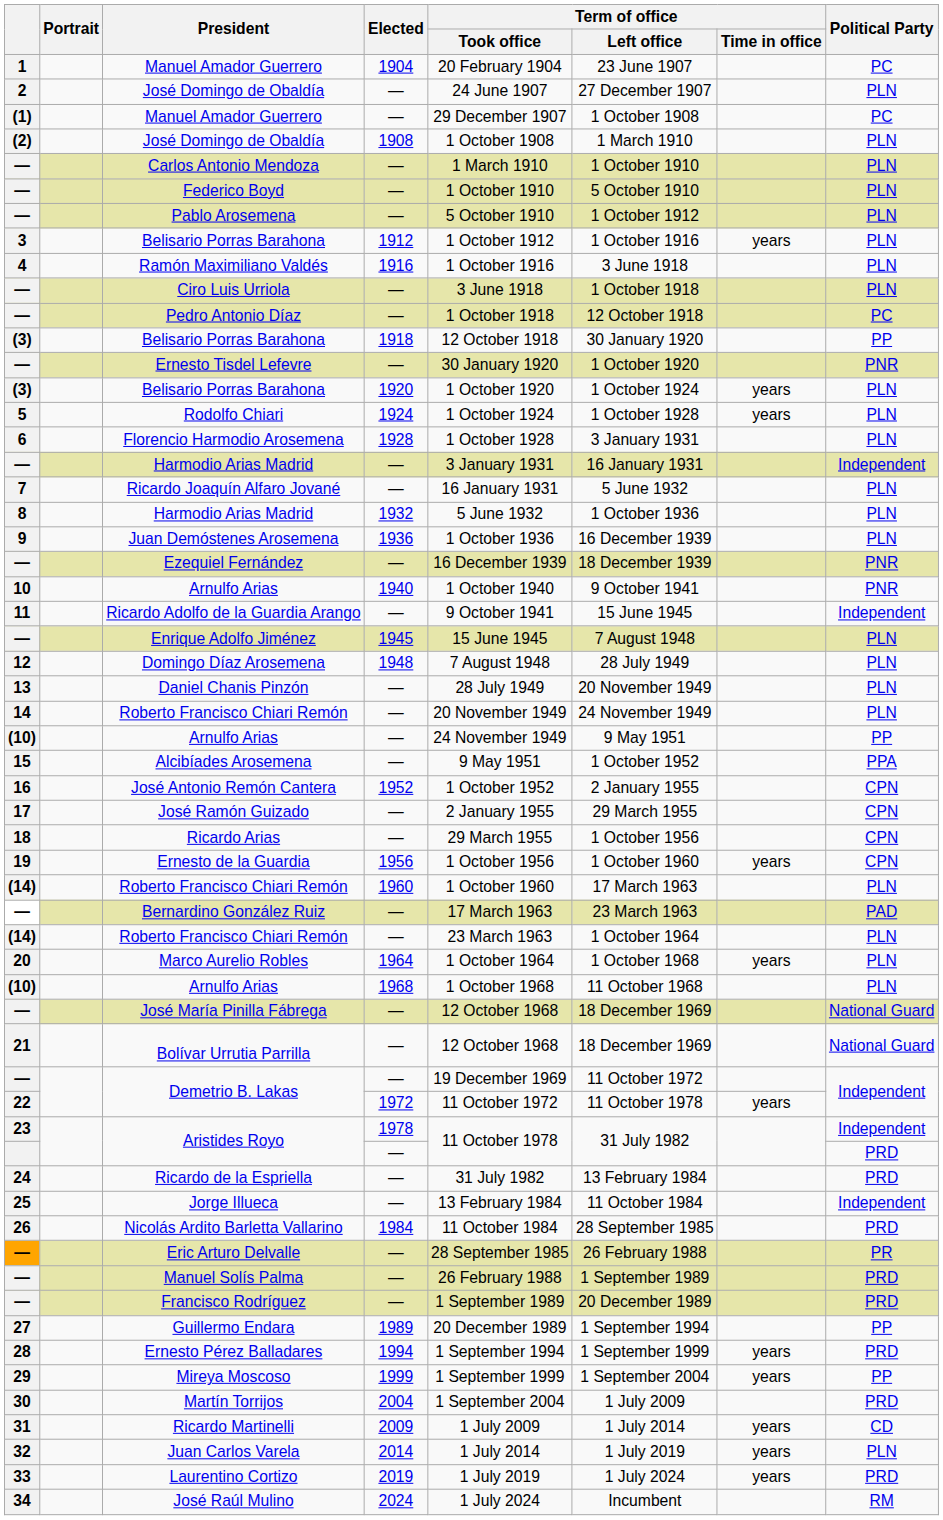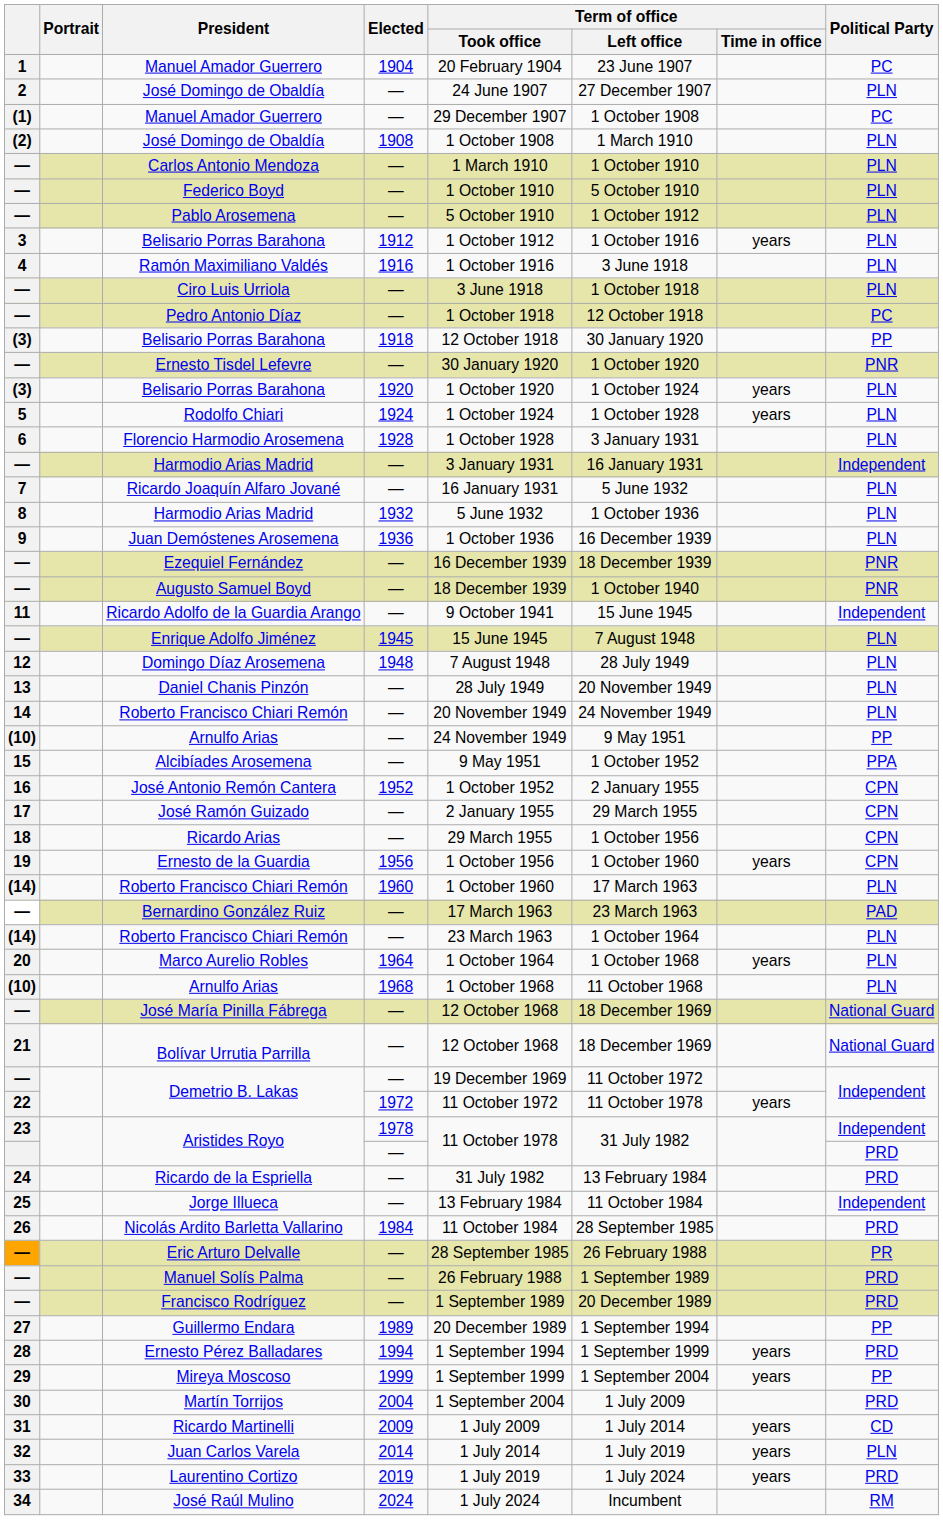 <table class="wikitable" style="text-align:center">
 <tr>
 <th rowspan="2"></th>
 <th rowspan="2">Portrait</th>
 <th rowspan="2">President<br></th>
 <th rowspan="2">Elected</th>
 <th colspan="3">Term of office</th>
 <th rowspan="2">Political Party</th>
 </tr>
 <tr>
 <th>Took office</th>
 <th>Left office</th>
 <th>Time in office</th>
 </tr>
 <tr>
 <th style="background:">1</th>
 <td></td>
 <td><a href='#'>Manuel Amador Guerrero</a><br></td>
 <td><a href='#'>1904</a></td>
 <td>20 February 1904</td>
 <td>23 June 1907</td>
 <td></td>
 <td><a href='#'>PC</a></td>
 </tr>
 <tr>
 <th style="background:">2</th>
 <td></td>
 <td><a href='#'>José Domingo de Obaldía</a><br></td>
 <td>—</td>
 <td>24 June 1907</td>
 <td>27 December 1907</td>
 <td></td>
 <td><a href='#'>PLN</a></td>
 </tr>
 <tr>
 <th style="background:">(1)</th>
 <td></td>
 <td><a href='#'>Manuel Amador Guerrero</a><br></td>
 <td>—</td>
 <td>29 December 1907</td>
 <td>1 October 1908</td>
 <td></td>
 <td><a href='#'>PC</a></td>
 </tr>
 <tr>
 <th style="background:">(2)</th>
 <td></td>
 <td><a href='#'>José Domingo de Obaldía</a><br></td>
 <td><a href='#'>1908</a></td>
 <td>1 October 1908</td>
 <td>1 March 1910</td>
 <td></td>
 <td><a href='#'>PLN</a></td>
 </tr>
 <tr style="background:#e6e6aa;">
 <th style="background:">—</th>
 <td></td>
 <td><a href='#'>Carlos Antonio Mendoza</a><br></td>
 <td>—</td>
 <td>1 March 1910</td>
 <td>1 October 1910</td>
 <td></td>
 <td><a href='#'>PLN</a></td>
 </tr>
 <tr style="background:#e6e6aa;">
 <th style="background:">—</th>
 <td></td>
 <td><a href='#'>Federico Boyd</a><br></td>
 <td>—</td>
 <td>1 October 1910</td>
 <td>5 October 1910</td>
 <td></td>
 <td><a href='#'>PLN</a></td>
 </tr>
 <tr style="background:#e6e6aa;">
 <th style="background:">—</th>
 <td></td>
 <td><a href='#'>Pablo Arosemena</a><br></td>
 <td>—</td>
 <td>5 October 1910</td>
 <td>1 October 1912</td>
 <td></td>
 <td><a href='#'>PLN</a></td>
 </tr>
 <tr>
 <th style="background:">3</th>
 <td></td>
 <td><a href='#'>Belisario Porras Barahona</a><br></td>
 <td><a href='#'>1912</a></td>
 <td>1 October 1912</td>
 <td>1 October 1916</td>
 <td> years</td>
 <td><a href='#'>PLN</a></td>
 </tr>
 <tr>
 <th style="background:">4</th>
 <td></td>
 <td><a href='#'>Ramón Maximiliano Valdés</a><br></td>
 <td><a href='#'>1916</a></td>
 <td>1 October 1916</td>
 <td>3 June 1918</td>
 <td></td>
 <td><a href='#'>PLN</a></td>
 </tr>
 <tr style="background:#e6e6aa;">
 <th style="background:">—</th>
 <td></td>
 <td><a href='#'>Ciro Luis Urriola</a><br></td>
 <td>—</td>
 <td>3 June 1918</td>
 <td>1 October 1918</td>
 <td></td>
 <td><a href='#'>PLN</a></td>
 </tr>
 <tr style="background:#e6e6aa;">
 <th style="background:">—</th>
 <td></td>
 <td><a href='#'>Pedro Antonio Díaz</a><br></td>
 <td>—</td>
 <td>1 October 1918</td>
 <td>12 October 1918</td>
 <td></td>
 <td><a href='#'>PC</a></td>
 </tr>
 <tr>
 <th style="background:">(3)</th>
 <td></td>
 <td><a href='#'>Belisario Porras Barahona</a><br></td>
 <td><a href='#'>1918</a></td>
 <td>12 October 1918</td>
 <td>30 January 1920</td>
 <td></td>
 <td><a href='#'>PP</a></td>
 </tr>
 <tr style="background:#e6e6aa;">
 <th style="background:">—</th>
 <td></td>
 <td><a href='#'>Ernesto Tisdel Lefevre</a><br></td>
 <td>—</td>
 <td>30 January 1920</td>
 <td>1 October 1920</td>
 <td></td>
 <td><a href='#'>PNR</a></td>
 </tr>
 <tr>
 <th style="background:">(3)</th>
 <td></td>
 <td><a href='#'>Belisario Porras Barahona</a><br></td>
 <td><a href='#'>1920</a></td>
 <td>1 October 1920</td>
 <td>1 October 1924</td>
 <td> years</td>
 <td><a href='#'>PLN</a></td>
 </tr>
 <tr>
 <th style="background:">5</th>
 <td></td>
 <td><a href='#'>Rodolfo Chiari</a><br></td>
 <td><a href='#'>1924</a></td>
 <td>1 October 1924</td>
 <td>1 October 1928</td>
 <td> years</td>
 <td><a href='#'>PLN</a></td>
 </tr>
 <tr>
 <th style="background:">6</th>
 <td></td>
 <td><a href='#'>Florencio Harmodio Arosemena</a><br></td>
 <td><a href='#'>1928</a></td>
 <td>1 October 1928</td>
 <td>3 January 1931<br></td>
 <td></td>
 <td><a href='#'>PLN</a></td>
 </tr>
 <tr style="background:#e6e6aa;">
 <th style="background:">—</th>
 <td></td>
 <td><a href='#'>Harmodio Arias Madrid</a><br></td>
 <td>—</td>
 <td>3 January 1931</td>
 <td>16 January 1931</td>
 <td></td>
 <td><a href='#'>Independent</a></td>
 </tr>
 <tr>
 <th style="background:">7</th>
 <td></td>
 <td><a href='#'>Ricardo Joaquín Alfaro Jované</a><br></td>
 <td>—</td>
 <td>16 January 1931</td>
 <td>5 June 1932</td>
 <td></td>
 <td><a href='#'>PLN</a></td>
 </tr>
 <tr>
 <th style="background:">8</th>
 <td></td>
 <td><a href='#'>Harmodio Arias Madrid</a><br></td>
 <td><a href='#'>1932</a></td>
 <td>5 June 1932</td>
 <td>1 October 1936</td>
 <td></td>
 <td><a href='#'>PLN</a></td>
 </tr>
 <tr>
 <th style="background:">9</th>
 <td></td>
 <td><a href='#'>Juan Demóstenes Arosemena</a><br></td>
 <td><a href='#'>1936</a></td>
 <td>1 October 1936</td>
 <td>16 December 1939</td>
 <td></td>
 <td><a href='#'>PLN</a></td>
 </tr>
 <tr style="background:#e6e6aa;">
 <th style="background:">—</th>
 <td></td>
 <td><a href='#'>Ezequiel Fernández</a><br></td>
 <td>—</td>
 <td>16 December 1939</td>
 <td>18 December 1939</td>
 <td></td>
 <td><a href='#'>PNR</a></td>
 </tr>
-<tr>
-<th style="background:">10</th>
+<tr style="background:#e6e6aa;">
+<th style="background:">—</th>
 <td></td>
-<td><a href='#'>Arnulfo Arias</a><br></td>
-<td><a href='#'>1940</a></td>
+<td><a href='#'>Augusto Samuel Boyd</a><br></td>
+<td>—</td>
+<td>18 December 1939</td>
 <td>1 October 1940</td>
-<td>9 October 1941<br></td>
 <td></td>
 <td><a href='#'>PNR</a></td>
 </tr>
 <tr>
 <th style="background:">11</th>
 <td></td>
 <td><a href='#'>Ricardo Adolfo de la Guardia Arango</a><br></td>
 <td>—</td>
 <td>9 October 1941</td>
 <td>15 June 1945</td>
 <td></td>
 <td><a href='#'>Independent</a></td>
 </tr>
 <tr style="background:#e6e6aa;">
 <th style="background:">—</th>
 <td></td>
 <td><a href='#'>Enrique Adolfo Jiménez</a><br></td>
 <td><a href='#'>1945</a></td>
 <td>15 June 1945</td>
 <td>7 August 1948</td>
 <td></td>
 <td><a href='#'>PLN</a></td>
 </tr>
 <tr>
 <th style="background:">12</th>
 <td></td>
 <td><a href='#'>Domingo Díaz Arosemena</a><br></td>
 <td><a href='#'>1948</a></td>
 <td>7 August 1948</td>
 <td>28 July 1949<br></td>
 <td></td>
 <td><a href='#'>PLN</a></td>
 </tr>
 <tr>
 <th style="background:">13</th>
 <td></td>
 <td><a href='#'>Daniel Chanis Pinzón</a><br></td>
 <td>—</td>
 <td>28 July 1949</td>
 <td>20 November 1949</td>
 <td></td>
 <td><a href='#'>PLN</a></td>
 </tr>
 <tr>
 <th style="background:">14</th>
 <td></td>
 <td><a href='#'>Roberto Francisco Chiari Remón</a><br></td>
 <td>—</td>
 <td>20 November 1949</td>
 <td>24 November 1949</td>
 <td></td>
 <td><a href='#'>PLN</a></td>
 </tr>
 <tr>
 <th style="background:">(10)</th>
 <td></td>
 <td><a href='#'>Arnulfo Arias</a><br></td>
 <td>—</td>
 <td>24 November 1949</td>
 <td>9 May 1951</td>
 <td></td>
 <td><a href='#'>PP</a></td>
 </tr>
 <tr>
 <th style="background:">15</th>
 <td></td>
 <td><a href='#'>Alcibíades Arosemena</a><br></td>
 <td>—</td>
 <td>9 May 1951</td>
 <td>1 October 1952</td>
 <td></td>
 <td><a href='#'>PPA</a></td>
 </tr>
 <tr>
 <th style="background:">16</th>
 <td></td>
 <td><a href='#'>José Antonio Remón Cantera</a><br></td>
 <td><a href='#'>1952</a></td>
 <td>1 October 1952</td>
 <td>2 January 1955<br></td>
 <td></td>
 <td><a href='#'>CPN</a></td>
 </tr>
 <tr>
 <th style="background:">17</th>
 <td></td>
 <td><a href='#'>José Ramón Guizado</a><br></td>
 <td>—</td>
 <td>2 January 1955</td>
 <td>29 March 1955</td>
 <td></td>
 <td><a href='#'>CPN</a></td>
 </tr>
 <tr>
 <th style="background:">18</th>
 <td></td>
 <td><a href='#'>Ricardo Arias</a><br></td>
 <td>—</td>
 <td>29 March 1955</td>
 <td>1 October 1956</td>
 <td></td>
 <td><a href='#'>CPN</a></td>
 </tr>
 <tr>
 <th style="background:">19</th>
 <td></td>
 <td><a href='#'>Ernesto de la Guardia</a><br></td>
 <td><a href='#'>1956</a></td>
 <td>1 October 1956</td>
 <td>1 October 1960</td>
 <td> years</td>
 <td><a href='#'>CPN</a></td>
 </tr>
 <tr>
 <th style="background:">(14)</th>
 <td></td>
 <td><a href='#'>Roberto Francisco Chiari Remón</a><br></td>
 <td><a href='#'>1960</a></td>
 <td>1 October 1960</td>
 <td>17 March 1963</td>
 <td></td>
 <td><a href='#'>PLN</a></td>
 </tr>
 <tr style="background:#e6e6aa;">
 <th style="background:#FFFFFF;">—</th>
 <td></td>
 <td><a href='#'>Bernardino González Ruiz</a><br></td>
 <td>—</td>
 <td>17 March 1963</td>
 <td>23 March 1963</td>
 <td></td>
 <td><a href='#'>PAD</a></td>
 </tr>
 <tr>
 <th style="background:">(14)</th>
 <td></td>
 <td><a href='#'>Roberto Francisco Chiari Remón</a><br></td>
 <td>—</td>
 <td>23 March 1963</td>
 <td>1 October 1964</td>
 <td></td>
 <td><a href='#'>PLN</a></td>
 </tr>
 <tr>
 <th style="background:">20</th>
 <td></td>
 <td><a href='#'>Marco Aurelio Robles</a><br></td>
 <td><a href='#'>1964</a></td>
 <td>1 October 1964</td>
 <td>1 October 1968</td>
 <td> years</td>
 <td><a href='#'>PLN</a></td>
 </tr>
 <tr>
 <th style="background:">(10)</th>
 <td></td>
 <td><a href='#'>Arnulfo Arias</a><br></td>
 <td><a href='#'>1968</a></td>
 <td>1 October 1968</td>
 <td>11 October 1968<br></td>
 <td></td>
 <td><a href='#'>PLN</a></td>
 </tr>
 <tr style="background:#e6e6aa;">
 <th style="background:">—</th>
 <td></td>
 <td><a href='#'>José María Pinilla Fábrega</a><br></td>
 <td>—</td>
 <td>12 October 1968</td>
 <td>18 December 1969</td>
 <td></td>
 <td><a href='#'>National Guard</a></td>
 </tr>
 <tr>
 <th style="background:">21</th>
 <td></td>
 <td><br><a href='#'>Bolívar Urrutia Parrilla</a><br></td>
 <td>—</td>
 <td>12 October 1968</td>
 <td>18 December 1969</td>
 <td></td>
 <td><a href='#'>National Guard</a></td>
 </tr>
 <tr>
 <th style="background:">—</th>
 <td rowspan=2></td>
 <td rowspan=2><a href='#'>Demetrio B. Lakas</a><br></td>
 <td>—</td>
 <td>19 December 1969</td>
 <td>11 October 1972</td>
 <td></td>
 <td rowspan=2><a href='#'>Independent</a></td>
 </tr>
 <tr>
 <th style="background:">22</th>
 <td><a href='#'>1972</a></td>
 <td>11 October 1972</td>
 <td>11 October 1978</td>
 <td> years</td>
 </tr>
 <tr>
 <th style="background:">23</th>
 <td rowspan="2"></td>
 <td rowspan="2"><a href='#'>Aristides Royo</a><br></td>
 <td><a href='#'>1978</a></td>
 <td rowspan="2">11 October 1978</td>
 <td rowspan="2">31 July 1982</td>
 <td rowspan="2"></td>
 <td><a href='#'>Independent</a><br></td>
 </tr>
 <tr>
 <th style="background:"></th>
 <td>—</td>
 <td><a href='#'>PRD</a></td>
 </tr>
 <tr>
 <th style="background:">24</th>
 <td></td>
 <td><a href='#'>Ricardo de la Espriella</a><br></td>
 <td>—</td>
 <td>31 July 1982</td>
 <td>13 February 1984</td>
 <td></td>
 <td><a href='#'>PRD</a></td>
 </tr>
 <tr>
 <th style="background:">25</th>
 <td></td>
 <td><a href='#'>Jorge Illueca</a><br></td>
 <td>—</td>
 <td>13 February 1984</td>
 <td>11 October 1984</td>
 <td></td>
 <td><a href='#'>Independent</a></td>
 </tr>
 <tr>
 <th style="background:">26</th>
 <td></td>
 <td><a href='#'>Nicolás Ardito Barletta Vallarino</a><br></td>
 <td><a href='#'>1984</a></td>
 <td>11 October 1984</td>
 <td>28 September 1985</td>
 <td></td>
 <td><a href='#'>PRD</a></td>
 </tr>
 <tr style="background:#e6e6aa;">
 <th style="background:Orange;">—</th>
 <td></td>
 <td><a href='#'>Eric Arturo Delvalle</a><br></td>
 <td>—</td>
 <td>28 September 1985</td>
 <td>26 February 1988</td>
 <td></td>
 <td><a href='#'>PR</a></td>
 </tr>
 <tr style="background:#e6e6aa;">
 <th style="background:">—</th>
 <td></td>
 <td><a href='#'>Manuel Solís Palma</a><br></td>
 <td>—</td>
 <td>26 February 1988</td>
 <td>1 September 1989</td>
 <td></td>
 <td><a href='#'>PRD</a></td>
 </tr>
 <tr style="background:#e6e6aa;">
 <th style="background:">—</th>
 <td></td>
 <td><a href='#'>Francisco Rodríguez</a><br></td>
 <td>—</td>
 <td>1 September 1989</td>
 <td>20 December 1989<br></td>
 <td></td>
 <td><a href='#'>PRD</a></td>
 </tr>
 <tr>
 <th style="background:">27</th>
 <td></td>
 <td><a href='#'>Guillermo Endara</a><br></td>
 <td><a href='#'>1989</a></td>
 <td>20 December 1989</td>
 <td>1 September 1994</td>
 <td></td>
 <td><a href='#'>PP</a></td>
 </tr>
 <tr>
 <th style="background:">28</th>
 <td></td>
 <td><a href='#'>Ernesto Pérez Balladares</a><br></td>
 <td><a href='#'>1994</a></td>
 <td>1 September 1994</td>
 <td>1 September 1999</td>
 <td> years</td>
 <td><a href='#'>PRD</a></td>
 </tr>
 <tr>
 <th style="background:">29</th>
 <td></td>
 <td><a href='#'>Mireya Moscoso</a><br></td>
 <td><a href='#'>1999</a></td>
 <td>1 September 1999</td>
 <td>1 September 2004</td>
 <td> years</td>
 <td><a href='#'>PP</a></td>
 </tr>
 <tr>
 <th style="background:">30</th>
 <td></td>
 <td><a href='#'>Martín Torrijos</a><br></td>
 <td><a href='#'>2004</a></td>
 <td>1 September 2004</td>
 <td>1 July 2009</td>
 <td></td>
 <td><a href='#'>PRD</a></td>
 </tr>
 <tr>
 <th style="background:">31</th>
 <td></td>
 <td><a href='#'>Ricardo Martinelli</a><br></td>
 <td><a href='#'>2009</a></td>
 <td>1 July 2009</td>
 <td>1 July 2014</td>
 <td> years</td>
 <td><a href='#'>CD</a></td>
 </tr>
 <tr>
 <th style="background:">32</th>
 <td></td>
 <td><a href='#'>Juan Carlos Varela</a><br></td>
 <td><a href='#'>2014</a></td>
 <td>1 July 2014</td>
 <td>1 July 2019</td>
 <td> years</td>
 <td><a href='#'>PLN</a></td>
 </tr>
 <tr>
 <th style="background:">33</th>
 <td></td>
 <td><a href='#'>Laurentino Cortizo</a><br></td>
 <td><a href='#'>2019</a></td>
 <td>1 July 2019</td>
 <td>1 July 2024</td>
 <td> years</td>
 <td><a href='#'>PRD</a></td>
 </tr>
 <tr>
 <th style="background:">34</th>
 <td></td>
 <td><a href='#'>José Raúl Mulino</a><br></td>
 <td><a href='#'>2024</a></td>
 <td>1 July 2024</td>
 <td>Incumbent</td>
 <td></td>
 <td><a href='#'>RM</a></td>
 </tr>
 </table>
